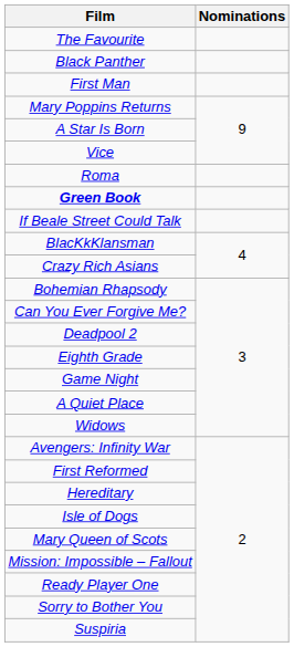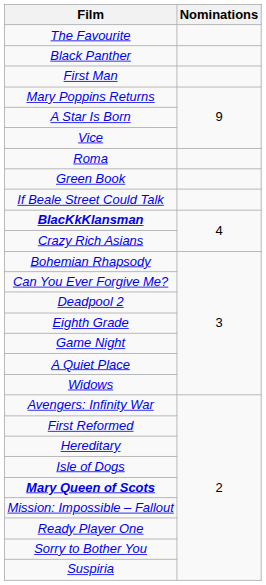 <table class="wikitable" rowspan="2" style="text-align:center;" background: #f6e39c;>
 <tr>
 <th scope="col" style="text-align:center;">Film</th>
 <th scope="col" style="width:55px;">Nominations</th>
 </tr>
 <tr>
 <td><em><a href='#'>The Favourite</a></em></td>
 <td></td>
 </tr>
 <tr>
 <td><em><a href='#'>Black Panther</a></em></td>
 <td></td>
 </tr>
 <tr>
 <td><em><a href='#'>First Man</a></em></td>
 <td></td>
 </tr>
 <tr>
 <td><em><a href='#'>Mary Poppins Returns</a></em></td>
 <td rowspan=3 style="text-align:center">9</td>
 </tr>
 <tr>
 <td><em><a href='#'>A Star Is Born</a></em></td>
 </tr>
 <tr>
 <td><em><a href='#'>Vice</a></em></td>
 </tr>
 <tr>
 <td><em><a href='#'>Roma</a></em></td>
 <td></td>
 </tr>
 <tr>
-<td><strong><em><a href='#'>Green Book</a></em></strong></td>
+<td><em><a href='#'>Green Book</a></em></td>
 <td></td>
 </tr>
 <tr>
 <td><em><a href='#'>If Beale Street Could Talk</a></em></td>
 <td></td>
 </tr>
 <tr>
-<td><em><a href='#'>BlacKkKlansman</a></em></td>
+<td><strong><em><a href='#'>BlacKkKlansman</a></em></strong></td>
 <td rowspan=2 style="text-align:center">4</td>
 </tr>
 <tr>
 <td><em><a href='#'>Crazy Rich Asians</a></em></td>
 </tr>
 <tr>
 <td><em><a href='#'>Bohemian Rhapsody</a></em></td>
 <td rowspan=7 style="text-align:center">3</td>
 </tr>
 <tr>
 <td><em><a href='#'>Can You Ever Forgive Me?</a></em></td>
 </tr>
 <tr>
 <td><em><a href='#'>Deadpool 2</a></em></td>
 </tr>
 <tr>
 <td><em><a href='#'>Eighth Grade</a></em></td>
 </tr>
 <tr>
 <td><em><a href='#'>Game Night</a></em></td>
 </tr>
 <tr>
 <td><em><a href='#'>A Quiet Place</a></em></td>
 </tr>
 <tr>
 <td><em><a href='#'>Widows</a></em></td>
 </tr>
 <tr>
 <td><em><a href='#'>Avengers: Infinity War</a></em></td>
 <td rowspan=9 style="text-align:center">2</td>
 </tr>
 <tr>
 <td><em><a href='#'>First Reformed</a></em></td>
 </tr>
 <tr>
 <td><em><a href='#'>Hereditary</a></em></td>
 </tr>
 <tr>
 <td><em><a href='#'>Isle of Dogs</a></em></td>
 </tr>
 <tr>
-<td><em><a href='#'>Mary Queen of Scots</a></em></td>
+<td><strong><em><a href='#'>Mary Queen of Scots</a></em></strong></td>
 </tr>
 <tr>
 <td><em><a href='#'>Mission: Impossible – Fallout</a></em></td>
 </tr>
 <tr>
 <td><em><a href='#'>Ready Player One</a></em></td>
 </tr>
 <tr>
 <td><em><a href='#'>Sorry to Bother You</a></em></td>
 </tr>
 <tr>
 <td><em><a href='#'>Suspiria</a></em></td>
 </tr>
 </table>
